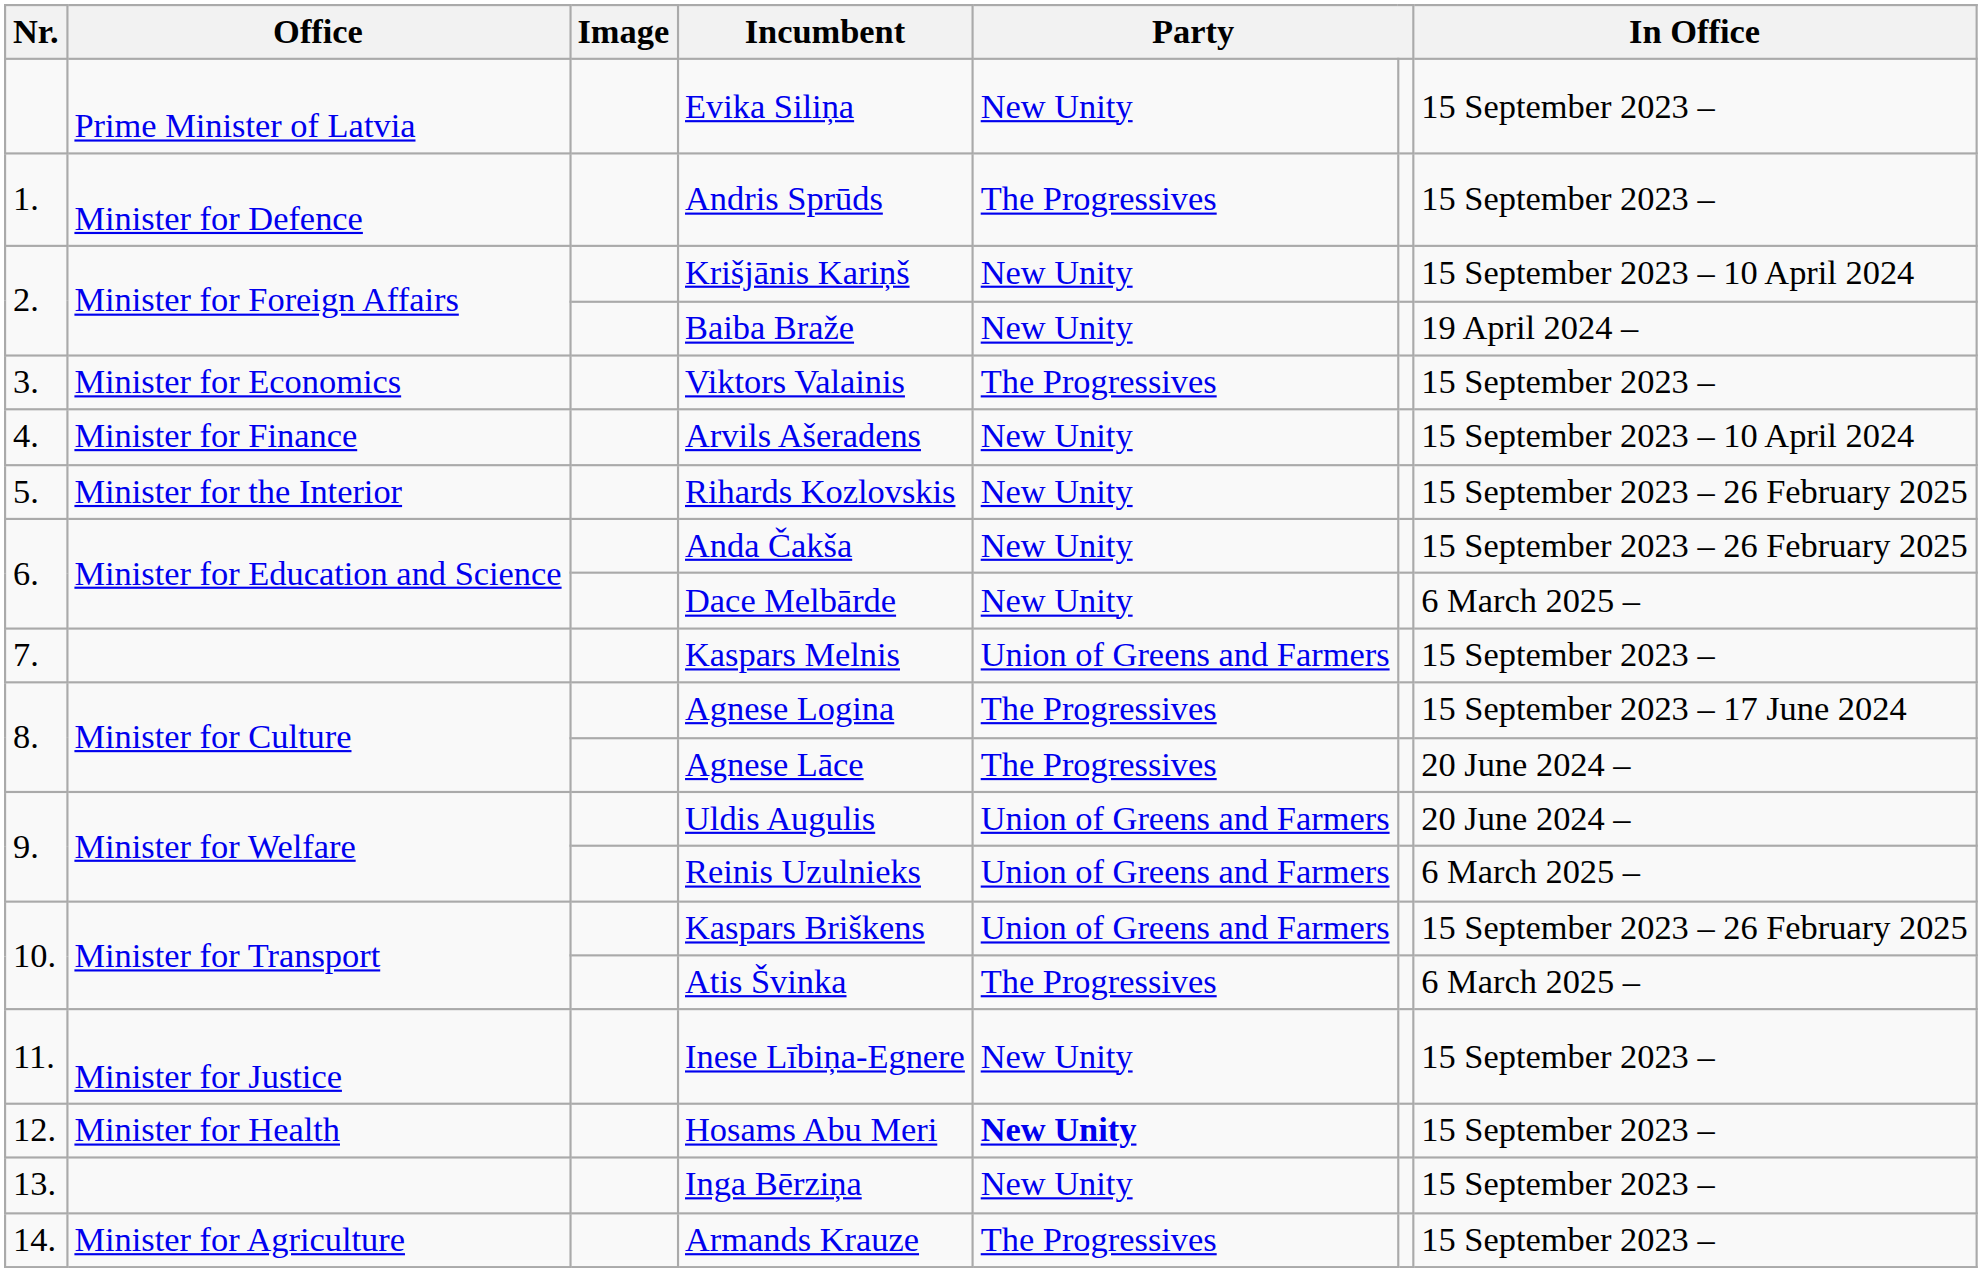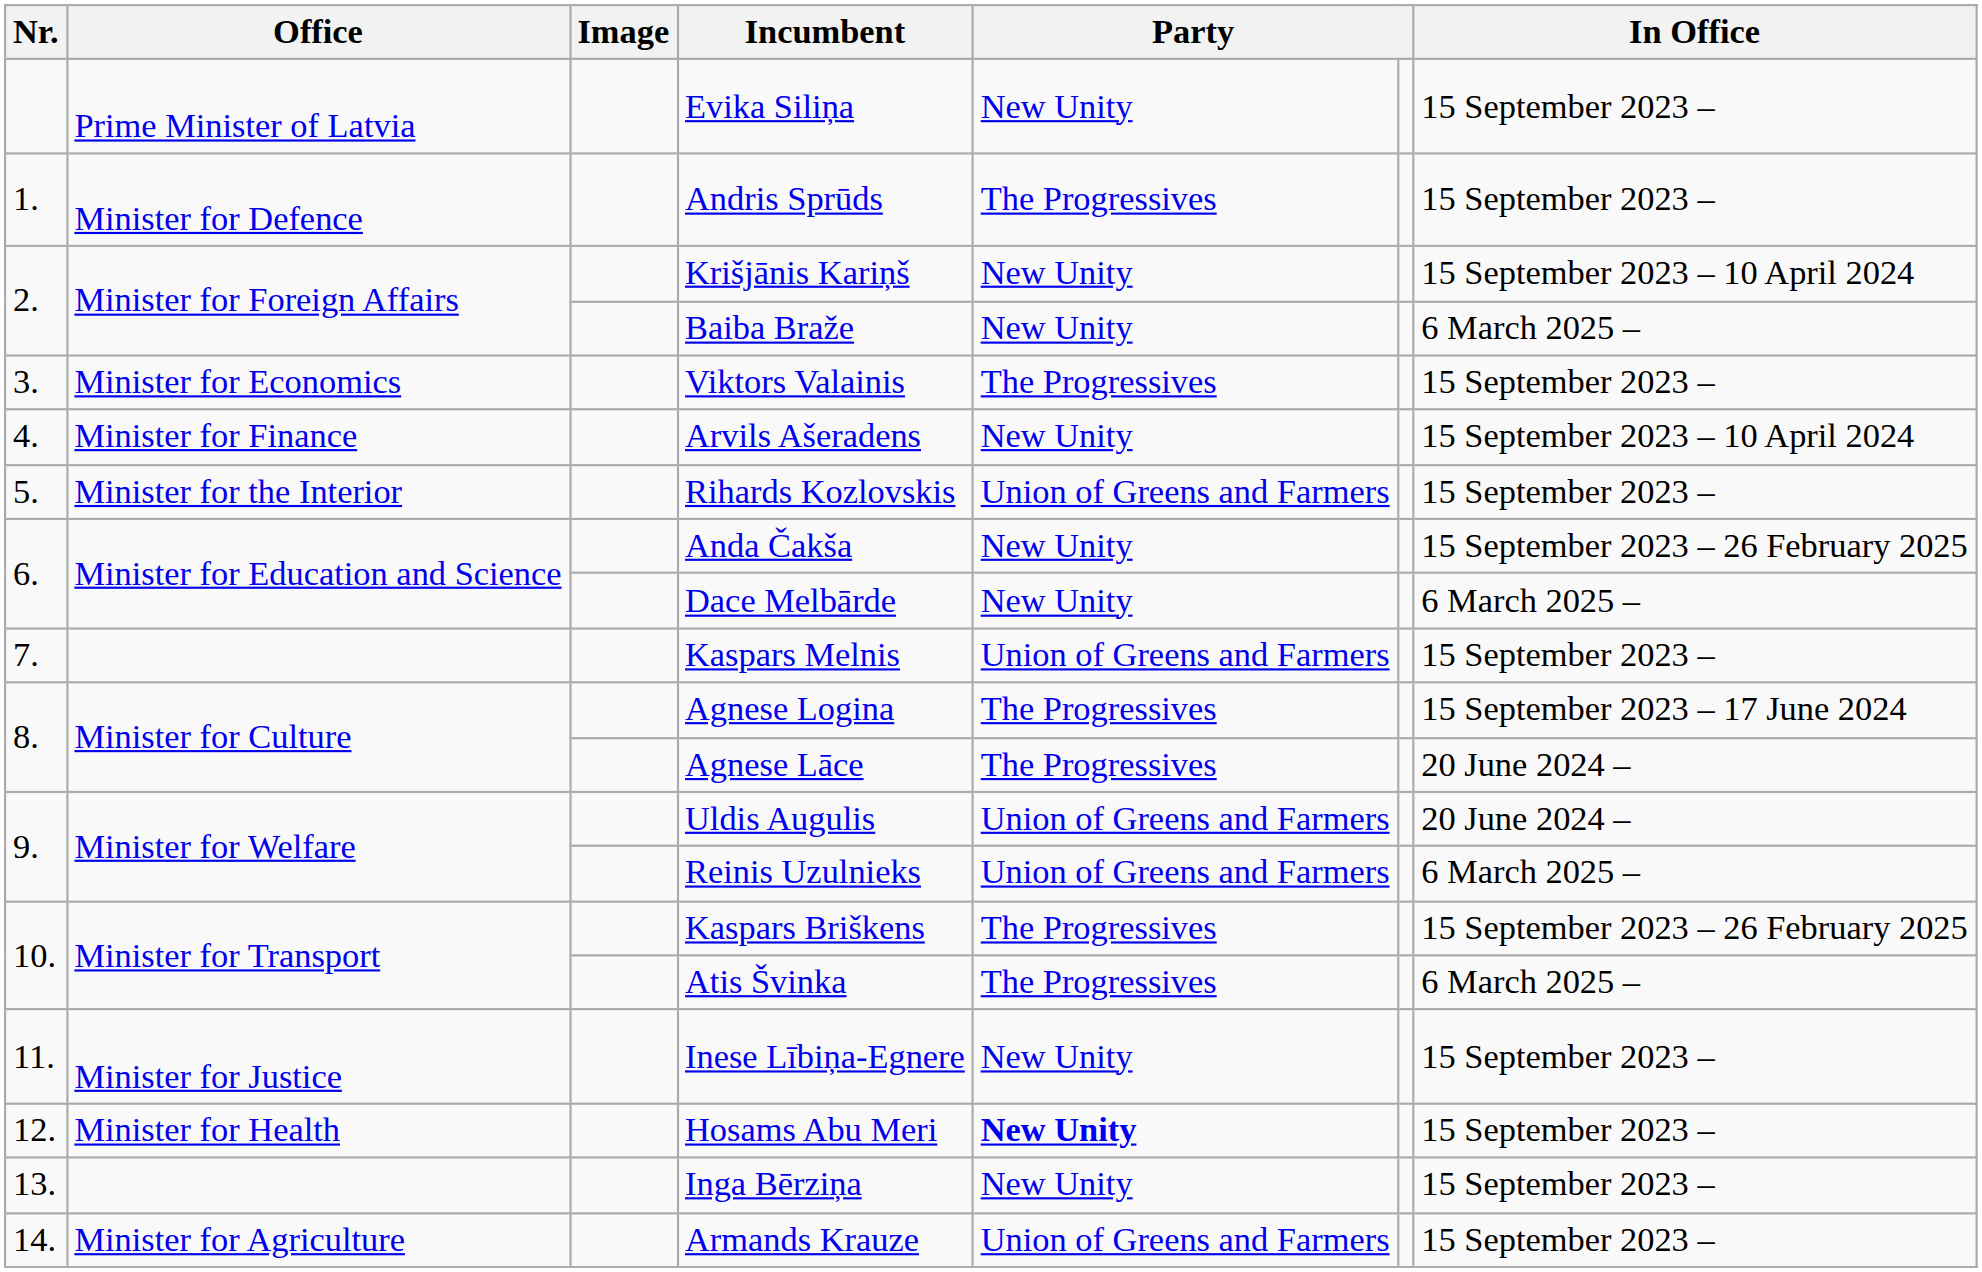 <table class="wikitable">
 <tr>
 <th>Nr.</th>
 <th>Office</th>
 <th>Image</th>
 <th>Incumbent</th>
 <th colspan="2">Party</th>
 <th>In Office</th>
 </tr>
 <tr>
 <td></td>
 <td><br><a href='#'>Prime Minister of Latvia</a></td>
 <td></td>
 <td><a href='#'>Evika Siliņa</a></td>
 <td><a href='#'>New Unity</a></td>
 <td style="background-color: "></td>
 <td>15 September 2023 –</td>
 </tr>
 <tr>
 <td>1.</td>
 <td><br><a href='#'>Minister for Defence</a></td>
 <td></td>
 <td><a href='#'>Andris Sprūds</a></td>
 <td><a href='#'>The Progressives</a></td>
 <td style="background-color: "></td>
 <td>15 September 2023 –</td>
 </tr>
 <tr>
 <td rowspan="2">2.</td>
 <td rowspan="2"><a href='#'>Minister for Foreign Affairs</a></td>
 <td></td>
 <td><a href='#'>Krišjānis Kariņš</a></td>
 <td><a href='#'>New Unity</a></td>
 <td style="background-color: "></td>
 <td>15 September 2023 – 10 April 2024</td>
 </tr>
 <tr>
 <td></td>
 <td><a href='#'>Baiba Braže</a></td>
 <td><a href='#'>New Unity</a></td>
 <td style="background-color: "></td>
-<td>19 April 2024 –</td>
+<td>6 March 2025 –</td>
 </tr>
 <tr>
 <td>3.</td>
 <td><a href='#'>Minister for Economics</a></td>
 <td></td>
 <td><a href='#'>Viktors Valainis</a></td>
 <td><a href='#'>The Progressives</a></td>
 <td style="background-color: "></td>
 <td>15 September 2023 –</td>
 </tr>
 <tr>
 <td>4.</td>
 <td><a href='#'>Minister for Finance</a></td>
 <td></td>
 <td><a href='#'>Arvils Ašeradens</a></td>
 <td><a href='#'>New Unity</a></td>
 <td style="background-color: "></td>
 <td>15 September 2023 – 10 April 2024</td>
 </tr>
 <tr>
 <td>5.</td>
 <td><a href='#'>Minister for the Interior</a></td>
 <td></td>
 <td><a href='#'>Rihards Kozlovskis</a></td>
-<td><a href='#'>New Unity</a></td>
+<td><a href='#'>Union of Greens and Farmers</a></td>
 <td style="background-color: "></td>
-<td>15 September 2023 – 26 February 2025</td>
+<td>15 September 2023 –</td>
 </tr>
 <tr>
 <td rowspan="2">6.</td>
 <td rowspan="2"><a href='#'>Minister for Education and Science</a></td>
 <td></td>
 <td><a href='#'>Anda Čakša</a></td>
 <td><a href='#'>New Unity</a></td>
 <td style="background-color: "></td>
 <td>15 September 2023 – 26 February 2025</td>
 </tr>
 <tr>
 <td></td>
 <td><a href='#'>Dace Melbārde</a></td>
 <td><a href='#'>New Unity</a></td>
 <td style="background-color: "></td>
 <td>6 March 2025 –</td>
 </tr>
 <tr>
 <td>7.</td>
 <td></td>
 <td></td>
 <td><a href='#'>Kaspars Melnis</a></td>
 <td><a href='#'>Union of Greens and Farmers</a></td>
 <td style="background-color: "></td>
 <td>15 September 2023 –</td>
 </tr>
 <tr>
 <td rowspan="2">8.</td>
 <td rowspan="2"><a href='#'>Minister for Culture</a></td>
 <td></td>
 <td><a href='#'>Agnese Logina</a></td>
 <td><a href='#'>The Progressives</a></td>
 <td style="background-color: "></td>
 <td>15 September 2023 – 17 June 2024</td>
 </tr>
 <tr>
 <td></td>
 <td><a href='#'>Agnese Lāce</a></td>
 <td><a href='#'>The Progressives</a></td>
 <td style="background-color: "></td>
 <td>20 June 2024 –</td>
 </tr>
 <tr>
 <td rowspan="2">9.</td>
 <td rowspan="2"><a href='#'>Minister for Welfare</a></td>
 <td></td>
 <td><a href='#'>Uldis Augulis</a></td>
 <td><a href='#'>Union of Greens and Farmers</a></td>
 <td style="background-color: "></td>
 <td>20 June 2024 –</td>
 </tr>
 <tr>
 <td></td>
 <td><a href='#'>Reinis Uzulnieks</a></td>
 <td><a href='#'>Union of Greens and Farmers</a></td>
 <td style="background-color: "></td>
 <td>6 March 2025 –</td>
 </tr>
 <tr>
 <td rowspan="2">10.</td>
 <td rowspan="2"><a href='#'>Minister for Transport</a></td>
 <td></td>
 <td><a href='#'>Kaspars Briškens</a></td>
-<td><a href='#'>Union of Greens and Farmers</a></td>
+<td><a href='#'>The Progressives</a></td>
 <td style="background-color: "></td>
 <td>15 September 2023 – 26 February 2025</td>
 </tr>
 <tr>
 <td></td>
 <td><a href='#'>Atis Švinka</a></td>
 <td><a href='#'>The Progressives</a></td>
 <td style="background-color: "></td>
 <td>6 March 2025 –</td>
 </tr>
 <tr>
 <td>11.</td>
 <td><br><a href='#'>Minister for Justice</a></td>
 <td></td>
 <td><a href='#'>Inese Lībiņa-Egnere</a></td>
 <td><a href='#'>New Unity</a></td>
 <td style="background-color: "></td>
 <td>15 September 2023 –</td>
 </tr>
 <tr>
 <td>12.</td>
 <td><a href='#'>Minister for Health</a></td>
 <td></td>
 <td><a href='#'>Hosams Abu Meri</a></td>
 <td><strong><a href='#'>New Unity</a></strong></td>
 <td style="background-color: "></td>
 <td>15 September 2023 –</td>
 </tr>
 <tr>
 <td>13.</td>
 <td></td>
 <td></td>
 <td><a href='#'>Inga Bērziņa</a></td>
 <td><a href='#'>New Unity</a></td>
 <td style="background-color: "></td>
 <td>15 September 2023 –</td>
 </tr>
 <tr>
 <td>14.</td>
 <td><a href='#'>Minister for Agriculture</a></td>
 <td></td>
 <td><a href='#'>Armands Krauze</a></td>
-<td><a href='#'>The Progressives</a></td>
+<td><a href='#'>Union of Greens and Farmers</a></td>
 <td style="background-color: "></td>
 <td>15 September 2023 –</td>
 </tr>
 </table>
